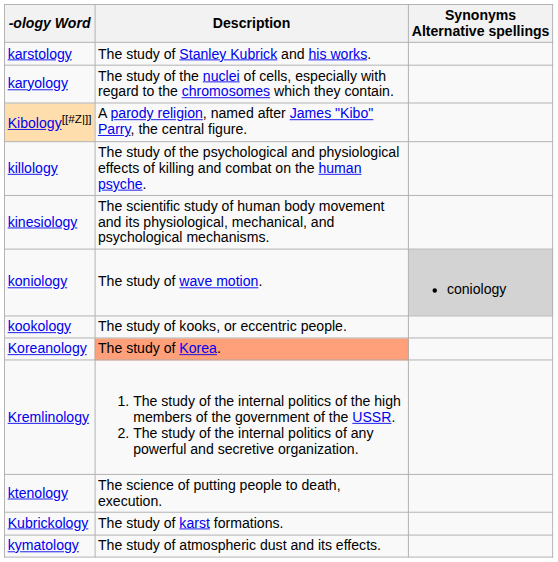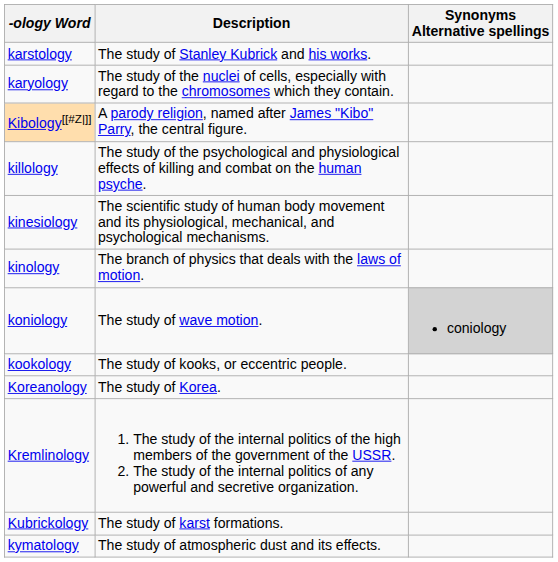 <table class="wikitable" style="width:100%;">
 <tr>
 <th><em>-ology Word</em></th>
 <th>Description</th>
 <th>Synonyms<br>Alternative spellings</th>
 </tr>
 <tr>
 <td><a href='#'>karstology</a></td>
 <td>The study of <a href='#'>Stanley Kubrick</a> and <a href='#'>his works</a>.</td>
 <td></td>
 </tr>
 <tr>
 <td><a href='#'>karyology</a></td>
 <td>The study of the <a href='#'>nuclei</a> of cells, especially with regard to the <a href='#'>chromosomes</a> which they contain.</td>
 <td></td>
 </tr>
 <tr>
 <td style="background: #ffdead"><a href='#'>Kibology</a><sup>[[#Z|]]</sup></td>
 <td>A <a href='#'>parody religion</a>, named after <a href='#'>James "Kibo" Parry</a>, the central figure.</td>
 <td></td>
 </tr>
 <tr>
 <td><a href='#'>killology</a></td>
 <td>The study of the psychological and physiological effects of killing and combat on the <a href='#'>human psyche</a>.</td>
 <td></td>
 </tr>
 <tr>
 <td><a href='#'>kinesiology</a></td>
 <td>The scientific study of human body movement and its physiological, mechanical, and psychological mechanisms.</td>
 <td></td>
 </tr>
 <tr>
+<td><a href='#'>kinology</a></td>
+<td>The branch of physics that deals with the <a href='#'>laws of motion</a>.</td>
+<td></td>
+</tr>
+<tr>
 <td><a href='#'>koniology</a></td>
 <td>The study of <a href='#'>wave motion</a>.</td>
 <td style="background: lightgrey;"><br><ul><li>coniology</li></ul></td>
 </tr>
 <tr>
 <td><a href='#'>kookology</a></td>
 <td>The study of kooks, or eccentric people.</td>
 <td></td>
 </tr>
 <tr>
 <td><a href='#'>Koreanology</a></td>
-<td style="background: lightsalmon;">The study of <a href='#'>Korea</a>.</td>
+<td>The study of <a href='#'>Korea</a>.</td>
 <td></td>
 </tr>
 <tr>
 <td><a href='#'>Kremlinology</a></td>
 <td><br><ol><li>The study of the internal politics of the high members of the government of the <a href='#'>USSR</a>.</li><li>The study of the internal politics of any powerful and secretive organization.</li></ol></td>
-<td></td>
-</tr>
-<tr>
-<td><a href='#'>ktenology</a></td>
-<td>The science of putting people to death, execution.</td>
 <td></td>
 </tr>
 <tr>
 <td><a href='#'>Kubrickology</a></td>
 <td>The study of <a href='#'>karst</a> formations.</td>
 <td></td>
 </tr>
 <tr>
 <td><a href='#'>kymatology</a></td>
 <td>The study of atmospheric dust and its effects.</td>
 <td></td>
 </tr>
 </table>
